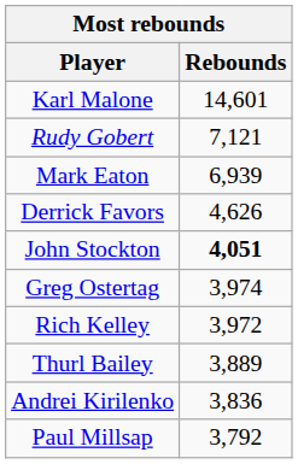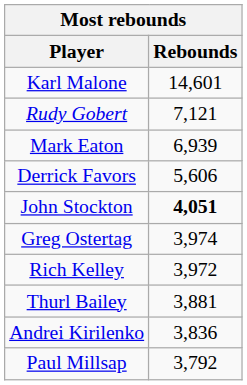 <table class="wikitable sortable" style="text-align:center">
 <tr>
 <th colspan="2" style="text-align:center; ">Most rebounds</th>
 </tr>
 <tr>
 <th style="text-align:center; ">Player</th>
 <th style="text-align:center; ">Rebounds</th>
 </tr>
 <tr>
 <td><a href='#'>Karl Malone</a></td>
 <td>14,601</td>
 </tr>
 <tr>
 <td><em><a href='#'>Rudy Gobert</a></em></td>
 <td>7,121</td>
 </tr>
 <tr>
 <td><a href='#'>Mark Eaton</a></td>
 <td>6,939</td>
 </tr>
 <tr>
 <td><a href='#'>Derrick Favors</a></td>
-<td>4,626</td>
+<td>5,606</td>
 </tr>
 <tr>
 <td><a href='#'>John Stockton</a></td>
 <td><strong>4,051</strong></td>
 </tr>
 <tr>
 <td><a href='#'>Greg Ostertag</a></td>
 <td>3,974</td>
 </tr>
 <tr>
 <td><a href='#'>Rich Kelley</a></td>
 <td>3,972</td>
 </tr>
 <tr>
 <td><a href='#'>Thurl Bailey</a></td>
-<td>3,889</td>
+<td>3,881</td>
 </tr>
 <tr>
 <td><a href='#'>Andrei Kirilenko</a></td>
 <td>3,836</td>
 </tr>
 <tr>
 <td><a href='#'>Paul Millsap</a></td>
 <td>3,792</td>
 </tr>
 </table>
